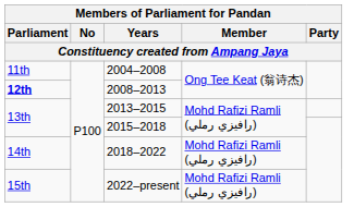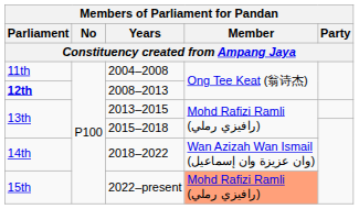 <table class=wikitable>
 <tr>
 <th colspan="5">Members of Parliament for Pandan</th>
 </tr>
 <tr>
 <th>Parliament</th>
 <th>No</th>
 <th>Years</th>
 <th>Member</th>
 <th>Party</th>
 </tr>
 <tr>
 <th colspan="5" align="center"><em>Constituency created from <a href='#'>Ampang Jaya</a></em></th>
 </tr>
 <tr>
 <td><a href='#'>11th</a></td>
 <td rowspan=6>P100</td>
 <td>2004–2008</td>
 <td rowspan=2><a href='#'>Ong Tee Keat</a> (翁诗杰)</td>
 <td rowspan="2"></td>
 </tr>
 <tr>
 <td><strong><a href='#'>12th</a></strong></td>
 <td>2008–2013</td>
 </tr>
 <tr>
 <td rowspan=2><a href='#'>13th</a></td>
 <td>2013–2015</td>
 <td rowspan=2><a href='#'>Mohd Rafizi Ramli</a> <br> (رافيزي رملي)</td>
 <td></td>
 </tr>
 <tr>
 <td>2015–2018</td>
 <td rowspan=3></td>
 </tr>
 <tr>
 <td><a href='#'>14th</a></td>
 <td>2018–2022</td>
-<td><a href='#'>Mohd Rafizi Ramli</a> <br> (رافيزي رملي)</td>
+<td><a href='#'>Wan Azizah Wan Ismail</a>  <br>(وان عزيزة وان إسماعيل)</td>
 </tr>
 <tr>
 <td><a href='#'>15th</a></td>
 <td>2022–present</td>
-<td><a href='#'>Mohd Rafizi Ramli</a> <br> (رافيزي رملي)</td>
+<td style="background: lightsalmon;"><a href='#'>Mohd Rafizi Ramli</a> <br> (رافيزي رملي)</td>
 </tr>
 </table>
